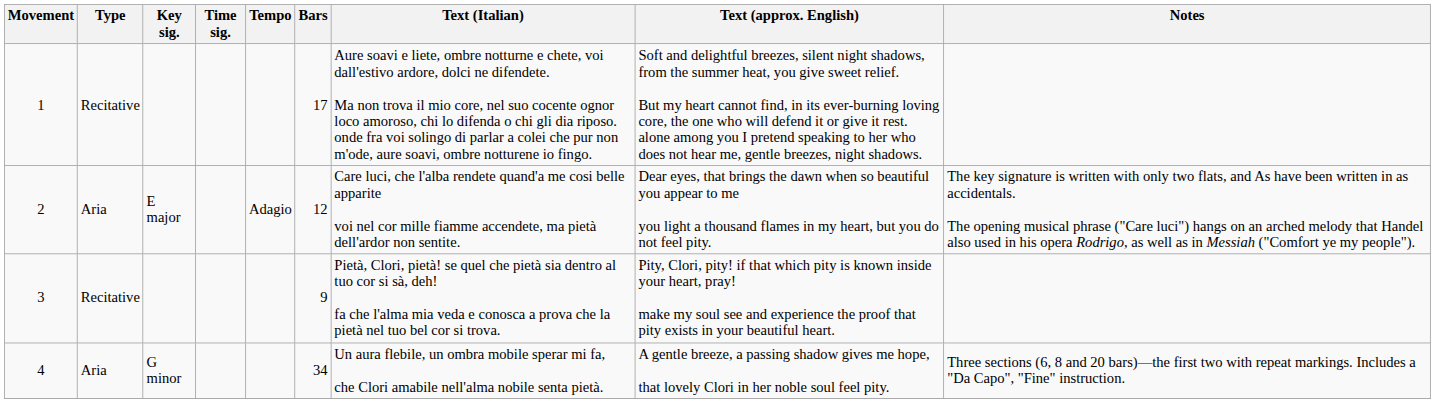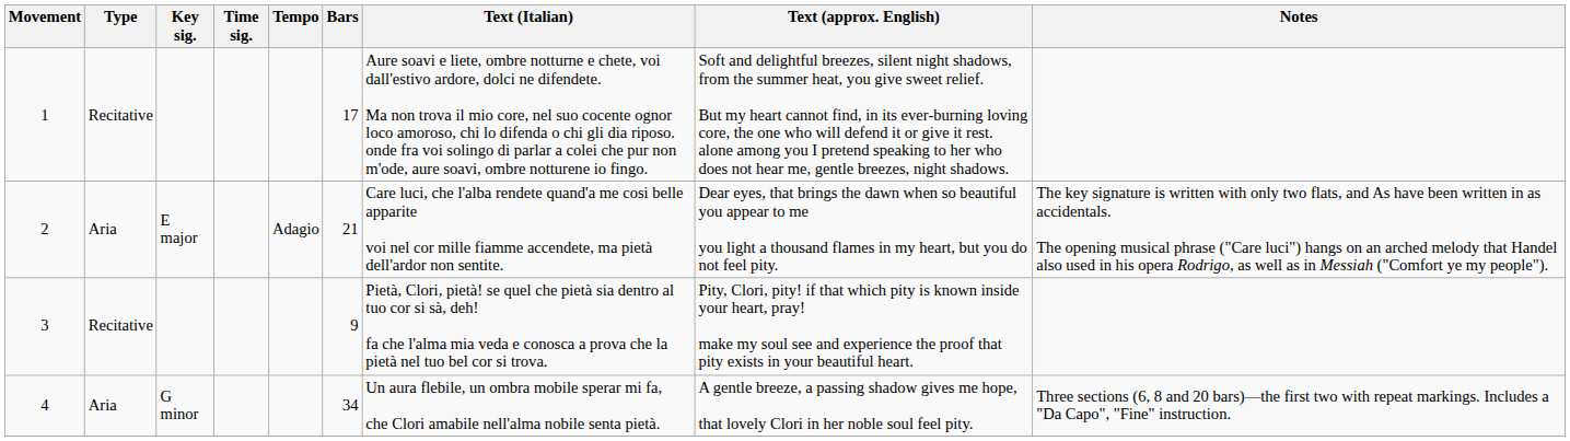 <table class="wikitable" border="1">
 <tr>
 <th bgcolor="ececec" valign="Top">Movement</th>
 <th bgcolor="ececec" valign="Top">Type</th>
 <th bgcolor="ececec" valign="Top" width="50px">Key sig.</th>
 <th bgcolor="ececec" valign="Top">Time sig.</th>
 <th bgcolor="ececec" valign="Top">Tempo</th>
 <th bgcolor="ececec" valign="Top">Bars</th>
 <th bgcolor="ececec" valign="Top">Text (Italian)</th>
 <th bgcolor="ececec" valign="Top">Text (approx. English)</th>
 <th bgcolor="ececec" valign="Top">Notes</th>
 </tr>
 <tr>
 <td align="center">1</td>
 <td>Recitative</td>
 <td></td>
 <td align="center"></td>
 <td></td>
 <td align="right">17</td>
 <td>Aure soavi e liete, ombre notturne e chete, voi dall'estivo ardore, dolci ne difendete.<br><br>Ma non trova il mio core, nel suo cocente ognor loco amoroso, chi lo difenda o chi gli dia riposo.<br> onde fra voi solingo di parlar a colei che pur non m'ode, aure soavi, ombre notturene io fingo.</td>
 <td>Soft and delightful breezes, silent night shadows, from the summer heat, you give sweet relief.<br><br>But my heart cannot find, in its ever-burning loving core, the one who will defend it or give it rest.<br> alone among you I pretend speaking to her who does not hear me, gentle breezes, night shadows.</td>
 <td></td>
 </tr>
 <tr>
 <td align="center">2</td>
 <td>Aria</td>
 <td>E major</td>
 <td align="center"></td>
 <td>Adagio</td>
-<td align="right">12</td>
+<td align="right">21</td>
 <td>Care luci, che l'alba rendete quand'a me cosi belle apparite<br><br>voi nel cor mille fiamme accendete, ma pietà dell'ardor non sentite.</td>
 <td>Dear eyes, that brings the dawn when so beautiful you appear to me<br><br>you light a thousand flames in my heart, but you do not feel pity.</td>
 <td>The key signature is written with only two flats, and As have been written in as accidentals.<br><br>The opening musical phrase ("Care luci") hangs on an arched melody that Handel also used in his opera <em>Rodrigo</em>, as well as in <em>Messiah</em> ("Comfort ye my people").</td>
 </tr>
 <tr>
 <td align="center">3</td>
 <td>Recitative</td>
 <td></td>
 <td align="center"></td>
 <td></td>
 <td align="right">9</td>
 <td>Pietà, Clori, pietà! se quel che pietà sia dentro al tuo cor si sà, deh!<br><br>fa che l'alma mia veda e conosca a prova che la pietà nel tuo bel cor si trova.</td>
 <td>Pity, Clori, pity! if that which pity is known inside your heart, pray!<br><br>make my soul see and experience the proof that pity exists in your beautiful heart.</td>
 <td></td>
 </tr>
 <tr>
 <td align="center">4</td>
 <td>Aria</td>
 <td>G minor</td>
 <td align="center"></td>
 <td></td>
 <td align="right">34</td>
 <td>Un aura flebile, un ombra mobile sperar mi fa,<br><br>che Clori amabile nell'alma nobile senta pietà.</td>
 <td>A gentle breeze, a passing shadow gives me hope,<br><br>that lovely Clori in her noble soul feel pity.</td>
 <td>Three sections (6, 8 and 20 bars)—the first two with repeat markings. Includes a "Da Capo", "Fine" instruction.</td>
 </tr>
 <tr>
 </tr>
 </table>
